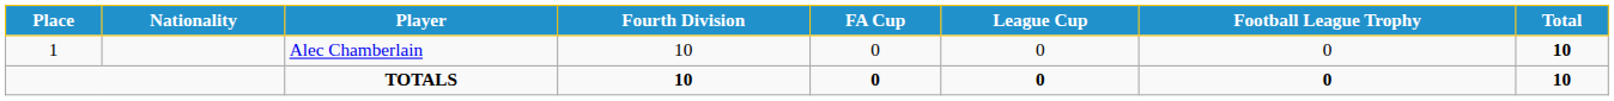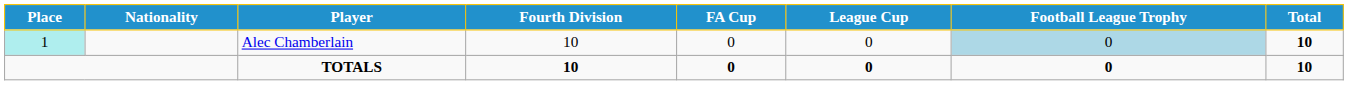 <table class="wikitable" style="text-align:center; font-size:90%; width:100%;">
 <tr>
 <th style="background:#2191CC; color:white; border:1px solid #F7C408; text-align:center;">Place</th>
 <th style="background:#2191CC; color:white; border:1px solid #F7C408; text-align:center;">Nationality</th>
 <th style="background:#2191CC; color:white; border:1px solid #F7C408; text-align:center;">Player</th>
 <th style="background:#2191CC; color:white; border:1px solid #F7C408; text-align:center;">Fourth Division</th>
 <th style="background:#2191CC; color:white; border:1px solid #F7C408; text-align:center;">FA Cup</th>
 <th style="background:#2191CC; color:white; border:1px solid #F7C408; text-align:center;">League Cup</th>
 <th style="background:#2191CC; color:white; border:1px solid #F7C408; text-align:center;">Football League Trophy</th>
 <th style="background:#2191CC; color:white; border:1px solid #F7C408; text-align:center;">Total</th>
 </tr>
 <tr>
-<td>1</td>
+<td style="background: paleturquoise;">1</td>
 <td></td>
 <td align="left"><a href='#'>Alec Chamberlain</a></td>
 <td>10</td>
 <td>0</td>
 <td>0</td>
-<td>0</td>
+<td style="background: lightblue;">0</td>
 <td><strong>10</strong></td>
 </tr>
 <tr>
 <td colspan="2"></td>
 <td><strong>TOTALS</strong></td>
 <td><strong>10</strong></td>
 <td><strong>0</strong></td>
 <td><strong>0</strong></td>
 <td><strong>0</strong></td>
 <td><strong>10</strong></td>
 </tr>
 </table>
